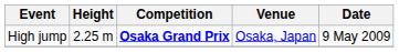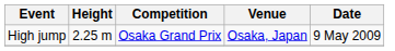 <table class="wikitable" style=text-align:center>
 <tr>
 <th>Event</th>
 <th>Height</th>
 <th>Competition</th>
 <th>Venue</th>
 <th>Date</th>
 </tr>
 <tr>
 <td>High jump</td>
 <td>2.25 m</td>
-<td><strong><a href='#'>Osaka Grand Prix</a></strong></td>
+<td><a href='#'>Osaka Grand Prix</a></td>
 <td><a href='#'>Osaka, Japan</a></td>
 <td>9 May 2009</td>
 </tr>
 <tr>
 </tr>
 </table>
